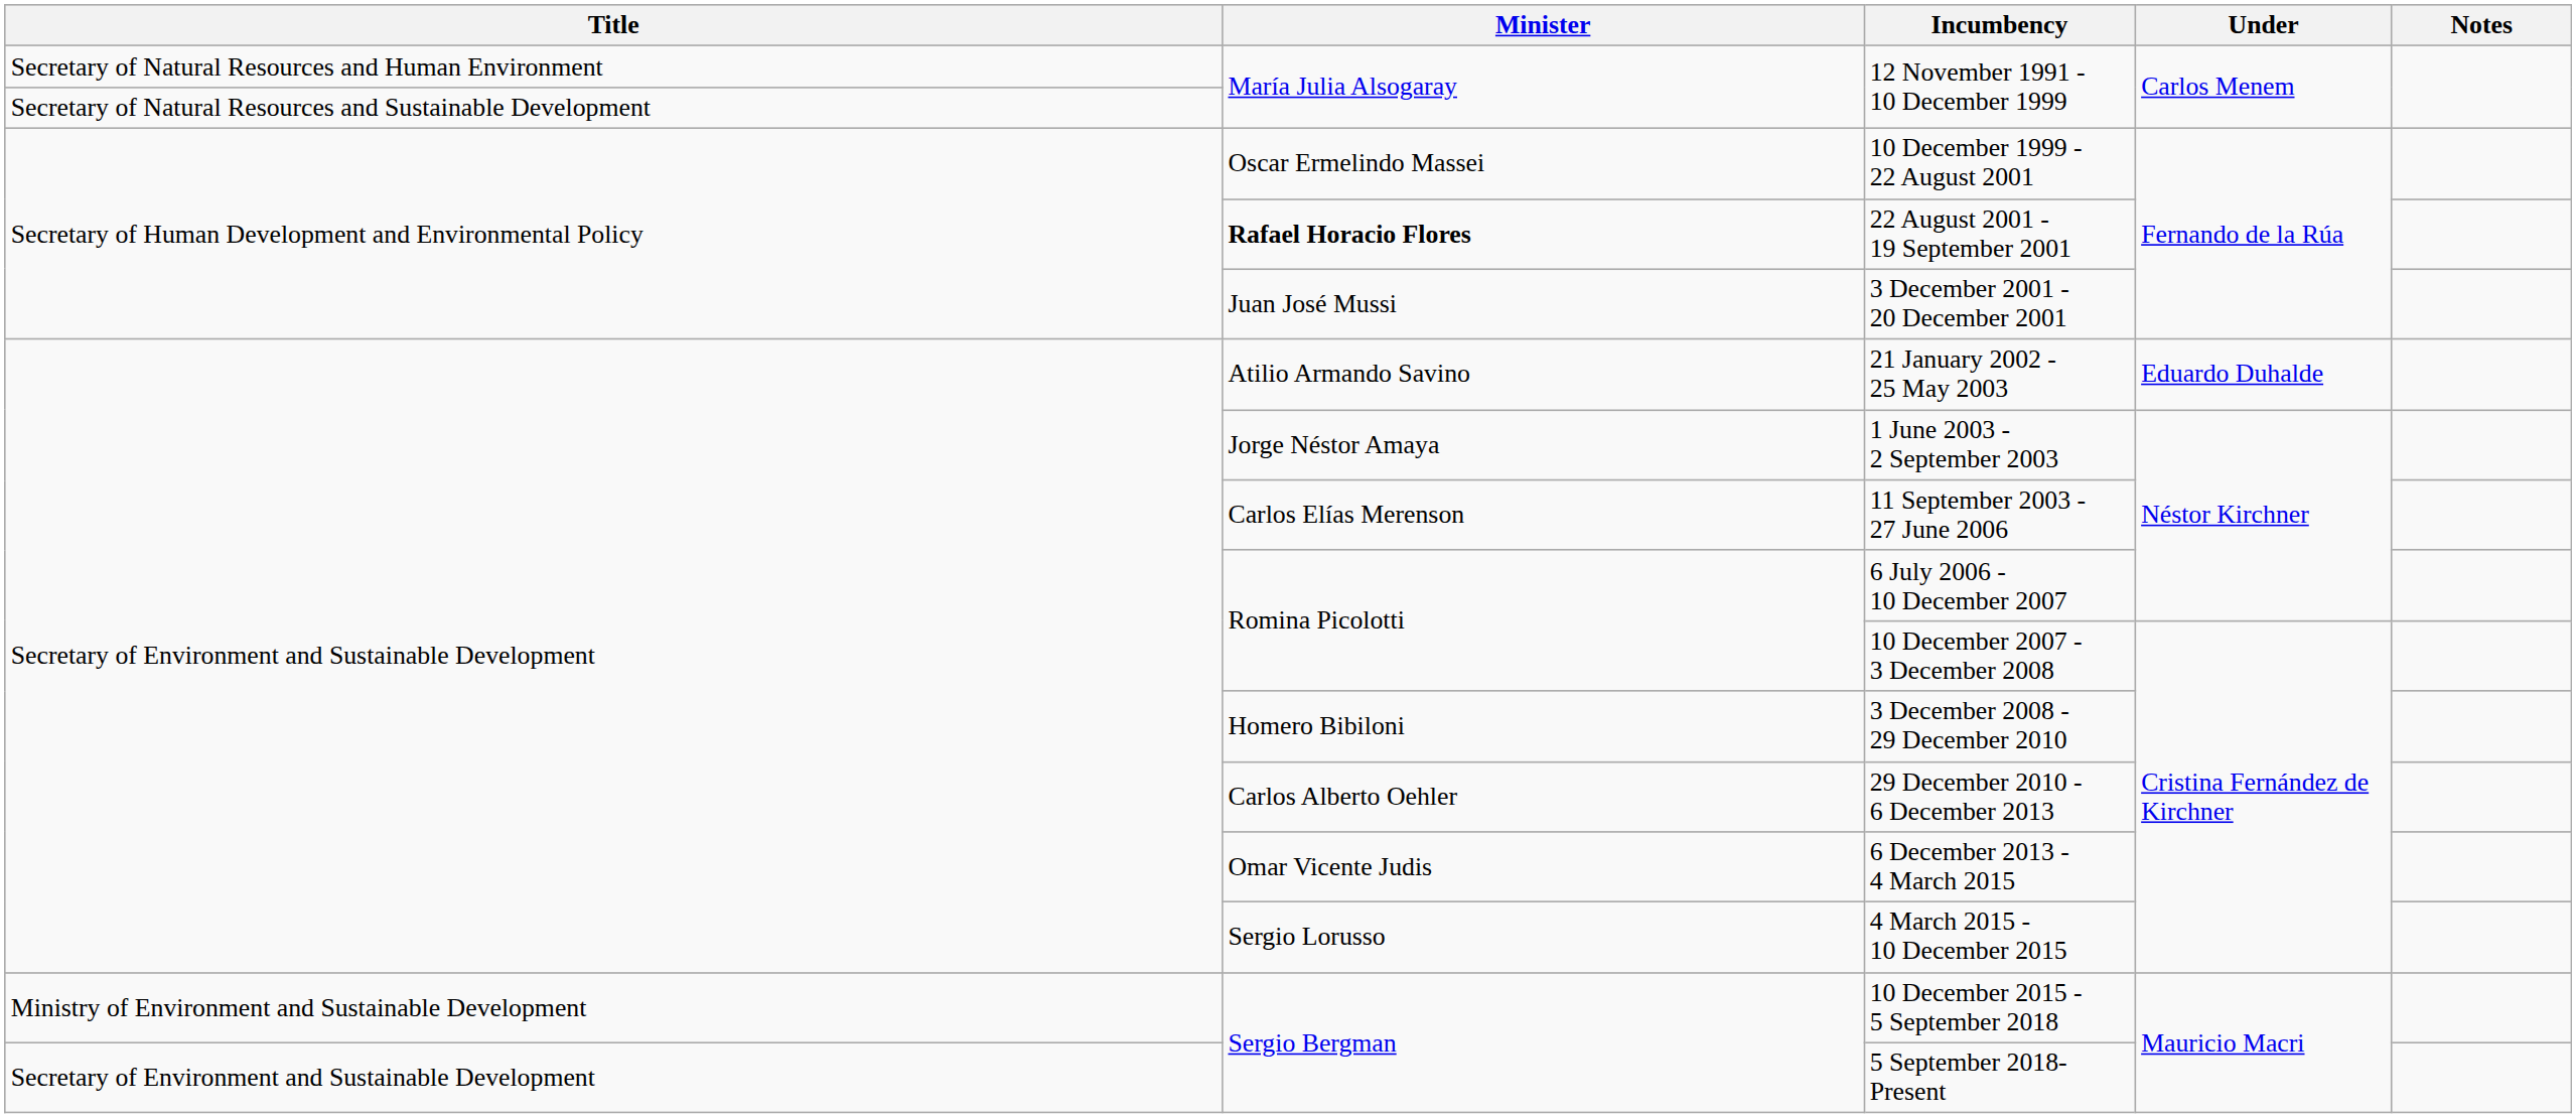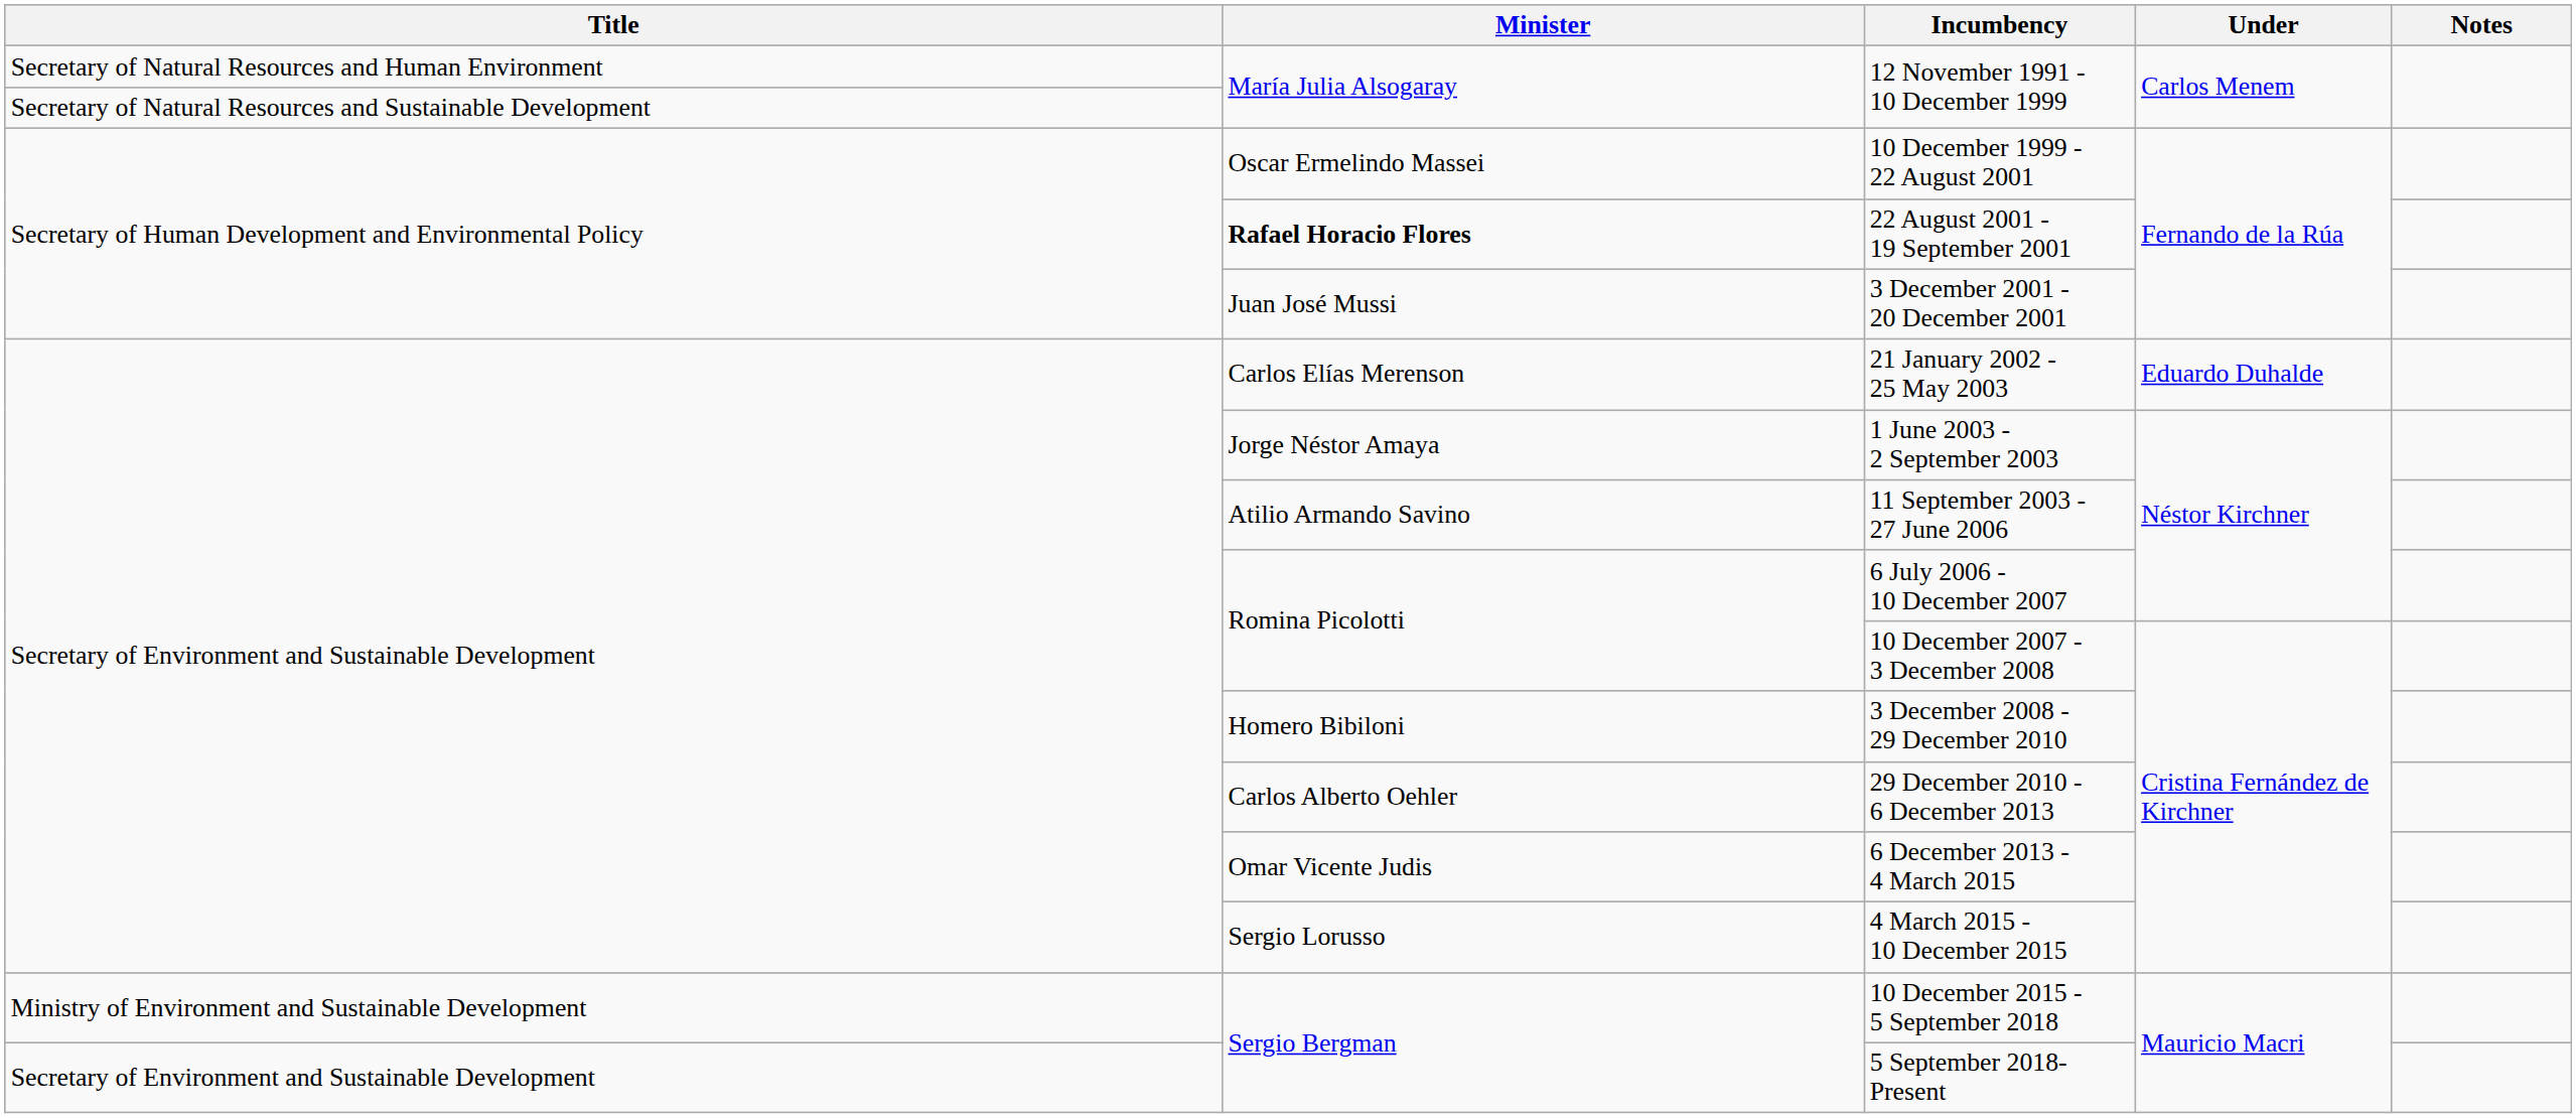 <table class="wikitable" style="width:100%;">
 <tr>
 <th>Title</th>
 <th style="width:25%;"><a href='#'>Minister</a></th>
 <th style="width:160px;">Incumbency</th>
 <th style="width:10%;">Under</th>
 <th style="width:7%;">Notes</th>
 </tr>
 <tr>
 <td>Secretary of Natural Resources and Human Environment</td>
 <td rowspan=2><a href='#'>María Julia Alsogaray</a></td>
 <td rowspan=2>12 November 1991 -<br>10 December 1999</td>
 <td rowspan=2><a href='#'>Carlos Menem</a></td>
 <td rowspan=2></td>
 </tr>
 <tr>
 <td>Secretary of Natural Resources and Sustainable Development</td>
 </tr>
 <tr>
 <td rowspan=3>Secretary of Human Development and Environmental Policy</td>
 <td>Oscar Ermelindo Massei</td>
 <td>10 December 1999 -<br>22 August 2001</td>
 <td rowspan=3><a href='#'>Fernando de la Rúa</a></td>
 <td></td>
 </tr>
 <tr>
 <td><strong>Rafael Horacio Flores</strong></td>
 <td>22 August 2001 -<br>19 September 2001</td>
 <td></td>
 </tr>
 <tr>
 <td>Juan José Mussi</td>
 <td>3 December 2001 -<br>20 December 2001</td>
 <td></td>
 </tr>
 <tr>
 <td rowspan=9>Secretary of Environment and Sustainable Development</td>
-<td>Atilio Armando Savino</td>
+<td>Carlos Elías Merenson</td>
 <td>21 January 2002 -<br>25 May 2003</td>
 <td><a href='#'>Eduardo Duhalde</a></td>
 <td></td>
 </tr>
 <tr>
 <td>Jorge Néstor Amaya</td>
 <td>1 June 2003 -<br>2 September 2003</td>
 <td rowspan=3><a href='#'>Néstor Kirchner</a></td>
 <td></td>
 </tr>
 <tr>
-<td>Carlos Elías Merenson</td>
+<td>Atilio Armando Savino</td>
 <td>11 September 2003 -<br>27 June 2006</td>
 <td></td>
 </tr>
 <tr>
 <td rowspan=2>Romina Picolotti</td>
 <td>6 July 2006 -<br>10 December 2007</td>
 <td></td>
 </tr>
 <tr>
 <td>10 December 2007 -<br>3 December 2008</td>
 <td rowspan=5><a href='#'>Cristina Fernández de Kirchner</a></td>
 <td></td>
 </tr>
 <tr>
 <td>Homero Bibiloni</td>
 <td>3 December 2008 -<br>29 December 2010</td>
 <td></td>
 </tr>
 <tr>
 <td>Carlos Alberto Oehler</td>
 <td>29 December 2010 -<br>6 December 2013</td>
 <td></td>
 </tr>
 <tr>
 <td>Omar Vicente Judis</td>
 <td>6 December 2013 -<br>4 March 2015</td>
 <td></td>
 </tr>
 <tr>
 <td>Sergio Lorusso</td>
 <td>4 March 2015 -<br>10 December 2015</td>
 <td></td>
 </tr>
 <tr>
 <td>Ministry of Environment and Sustainable Development</td>
 <td rowspan=2><a href='#'>Sergio Bergman</a></td>
 <td>10 December 2015 -<br>5 September 2018</td>
 <td rowspan=2><a href='#'>Mauricio Macri</a></td>
 <td></td>
 </tr>
 <tr>
 <td>Secretary of Environment and Sustainable Development</td>
 <td>5 September 2018-<br>Present</td>
 <td></td>
 </tr>
 </table>
